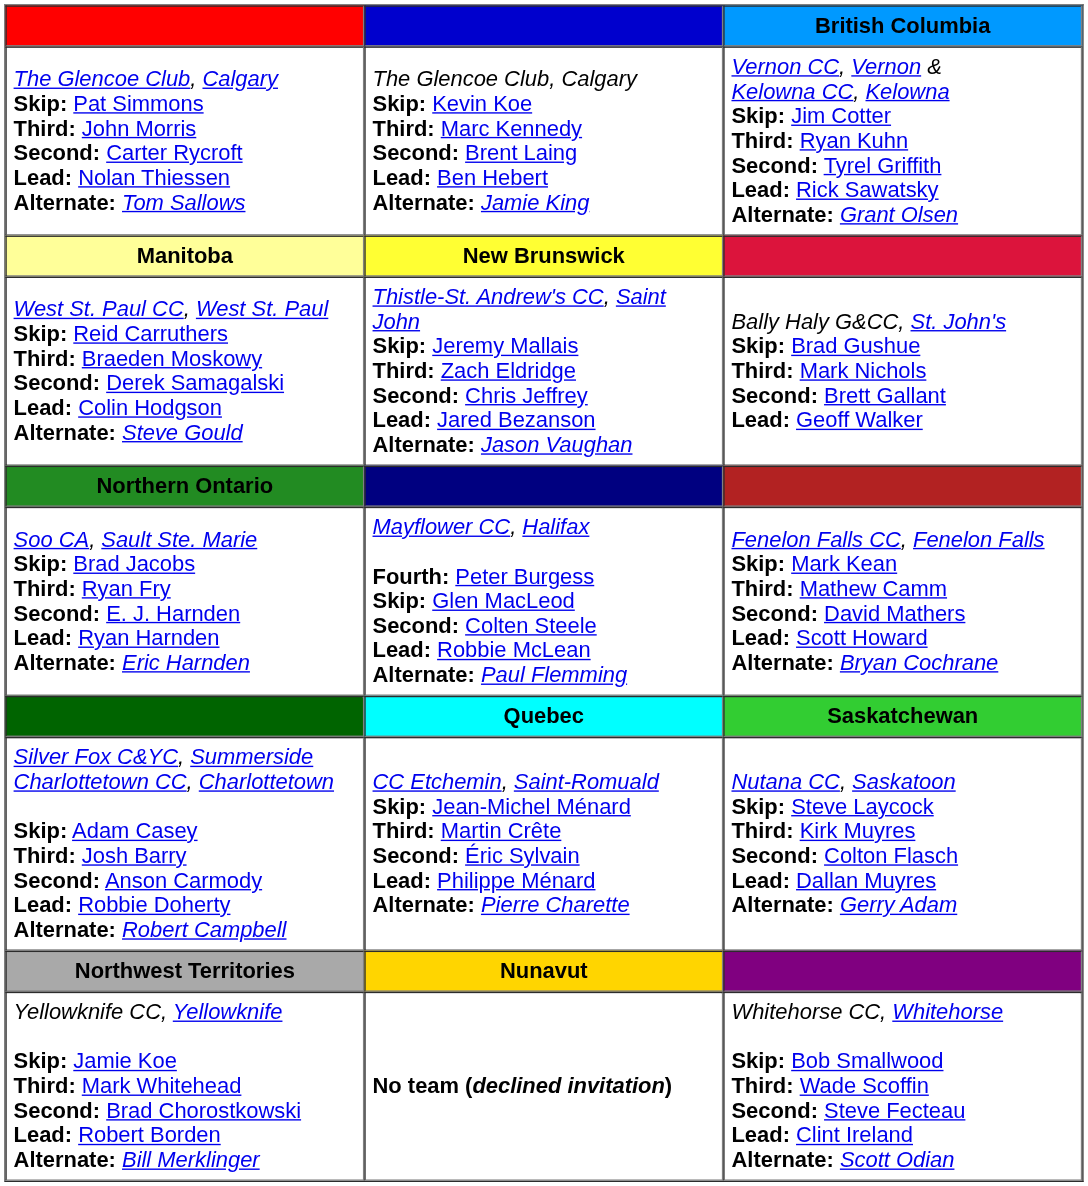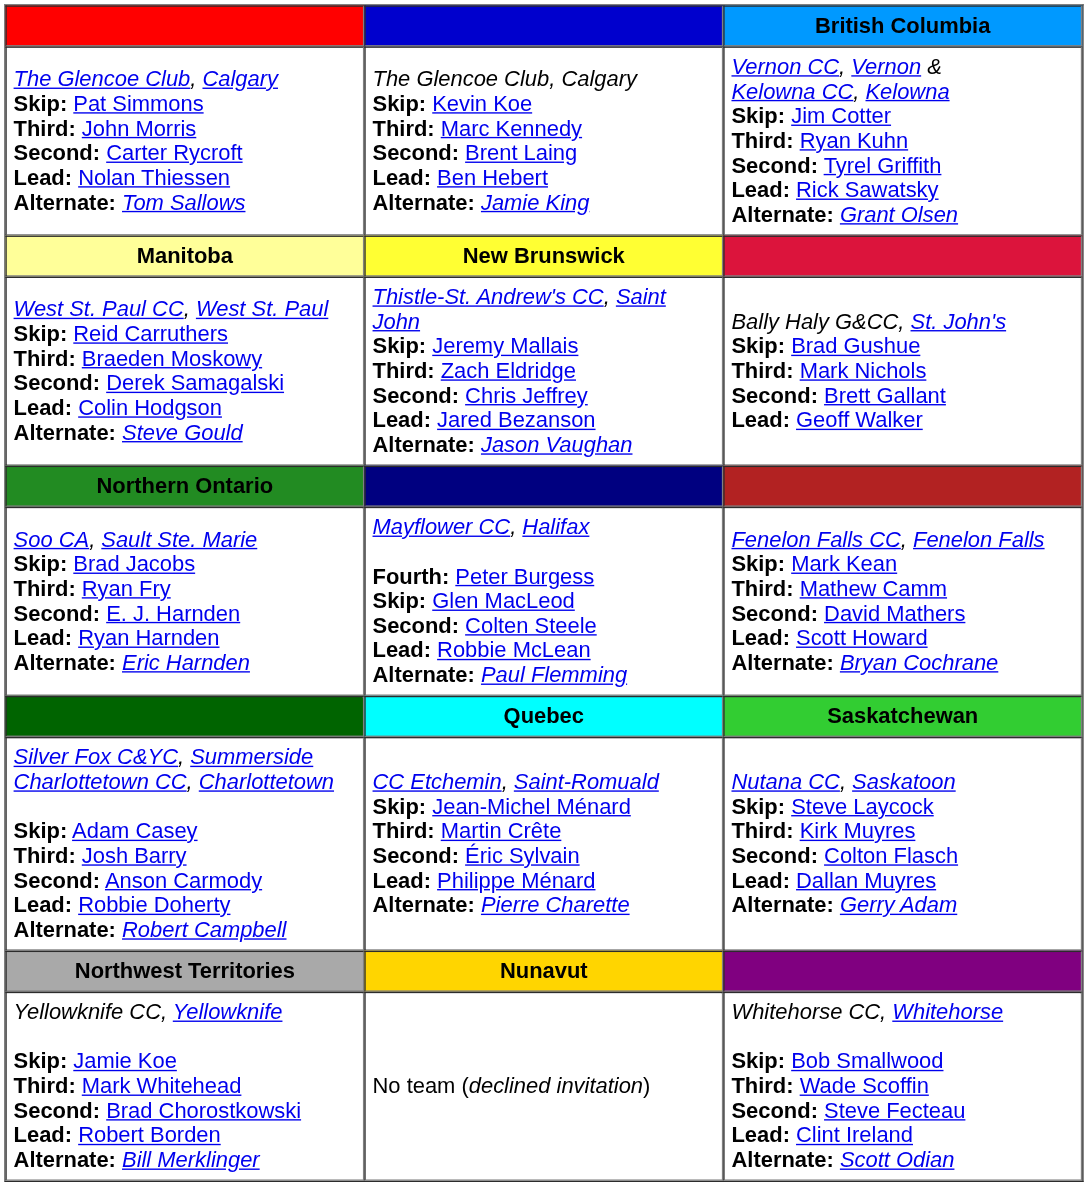 <table border=1 cellpadding=5 cellspacing=0>
 <tr>
 <th bgcolor="#FF0000" width="250"> </th>
 <th bgcolor="#0000CD" width="250"> </th>
 <th bgcolor="#0099FF" width="250"> British Columbia</th>
 </tr>
 <tr>
 <td><em><a href='#'>The Glencoe Club</a>, <a href='#'>Calgary</a> </em><br><strong>Skip:</strong> <a href='#'>Pat Simmons</a><br> <strong>Third:</strong> <a href='#'>John Morris</a><br> <strong>Second:</strong> <a href='#'>Carter Rycroft</a><br> <strong>Lead:</strong> <a href='#'>Nolan Thiessen</a><br> <strong>Alternate:</strong> <em><a href='#'>Tom Sallows</a></em></td>
 <td><em>The Glencoe Club, Calgary</em><br><strong>Skip:</strong> <a href='#'>Kevin Koe</a><br> <strong>Third:</strong> <a href='#'>Marc Kennedy</a><br> <strong>Second:</strong> <a href='#'>Brent Laing</a><br> <strong>Lead:</strong> <a href='#'>Ben Hebert</a><br> <strong>Alternate:</strong> <em><a href='#'>Jamie King</a></em></td>
 <td><em><a href='#'>Vernon CC</a>, <a href='#'>Vernon</a> & <br><a href='#'>Kelowna CC</a>, <a href='#'>Kelowna</a> </em><br><strong>Skip:</strong> <a href='#'>Jim Cotter</a><br> <strong>Third:</strong> <a href='#'>Ryan Kuhn</a><br> <strong>Second:</strong> <a href='#'>Tyrel Griffith</a><br> <strong>Lead:</strong> <a href='#'>Rick Sawatsky</a><br> <strong>Alternate:</strong> <em><a href='#'>Grant Olsen</a></em></td>
 </tr>
 <tr border=1 cellpadding=5 cellspacing=0>
 <th bgcolor="#FFFF99" width="250"> Manitoba</th>
 <th bgcolor="#FFFF33" width="250"> New Brunswick</th>
 <th bgcolor="#DC143C" width="250"> </th>
 </tr>
 <tr>
 <td><em><a href='#'>West St. Paul CC</a>, <a href='#'>West St. Paul</a></em><br><strong>Skip:</strong> <a href='#'>Reid Carruthers</a><br> <strong>Third:</strong> <a href='#'>Braeden Moskowy</a><br> <strong>Second:</strong> <a href='#'>Derek Samagalski</a><br> <strong>Lead:</strong> <a href='#'>Colin Hodgson</a><br> <strong>Alternate:</strong> <em><a href='#'>Steve Gould</a></em></td>
 <td><em><a href='#'>Thistle-St. Andrew's CC</a>, <a href='#'>Saint John</a>  </em><br><strong>Skip:</strong> <a href='#'>Jeremy Mallais</a><br> <strong>Third:</strong> <a href='#'>Zach Eldridge</a><br> <strong>Second:</strong> <a href='#'>Chris Jeffrey</a><br> <strong>Lead:</strong> <a href='#'>Jared Bezanson</a><br> <strong>Alternate:</strong> <em><a href='#'>Jason Vaughan</a></em></td>
 <td><em>Bally Haly G&CC, <a href='#'>St. John's</a></em><br><strong>Skip:</strong> <a href='#'>Brad Gushue</a><br> <strong>Third:</strong> <a href='#'>Mark Nichols</a><br> <strong>Second:</strong> <a href='#'>Brett Gallant</a><br> <strong>Lead:</strong> <a href='#'>Geoff Walker</a></td>
 </tr>
 <tr border=1 cellpadding=5 cellspacing=0>
 <th bgcolor="#228B22" width="250"> Northern Ontario</th>
 <th bgcolor="#000080" width="250"> </th>
 <th bgcolor="#B22222" width="250"> </th>
 </tr>
 <tr>
 <td><em><a href='#'>Soo CA</a>, <a href='#'>Sault Ste. Marie</a></em><br><strong>Skip:</strong> <a href='#'>Brad Jacobs</a><br> <strong>Third:</strong> <a href='#'>Ryan Fry</a><br> <strong>Second:</strong> <a href='#'>E. J. Harnden</a><br> <strong>Lead:</strong> <a href='#'>Ryan Harnden</a><br> <strong>Alternate:</strong> <em><a href='#'>Eric Harnden</a></em></td>
 <td><em><a href='#'>Mayflower CC</a>, <a href='#'>Halifax</a><br> </em><br><strong>Fourth:</strong> <a href='#'>Peter Burgess</a><br> <strong>Skip:</strong> <a href='#'>Glen MacLeod</a><br> <strong>Second:</strong> <a href='#'>Colten Steele</a><br> <strong>Lead:</strong> <a href='#'>Robbie McLean</a><br> <strong>Alternate:</strong> <em><a href='#'>Paul Flemming</a></em></td>
 <td><em><a href='#'>Fenelon Falls CC</a>, <a href='#'>Fenelon Falls</a> </em><br><strong>Skip:</strong> <a href='#'>Mark Kean</a><br> <strong>Third:</strong> <a href='#'>Mathew Camm</a><br> <strong>Second:</strong> <a href='#'>David Mathers</a><br> <strong>Lead:</strong> <a href='#'>Scott Howard</a><br> <strong>Alternate:</strong> <em><a href='#'>Bryan Cochrane</a></em></td>
 </tr>
 <tr border=1 cellpadding=5 cellspacing=0>
 <th bgcolor="#006400" width="250"> </th>
 <th bgcolor="#00FFFF" width="250"> Quebec</th>
 <th bgcolor="#32CD32" width="250"> Saskatchewan</th>
 </tr>
 <tr>
 <td><em><a href='#'>Silver Fox C&YC</a>, <a href='#'>Summerside</a> <br> <a href='#'>Charlottetown CC</a>, <a href='#'>Charlottetown</a></em><br><br><strong>Skip:</strong> <a href='#'>Adam Casey</a><br> <strong>Third:</strong> <a href='#'>Josh Barry</a><br> <strong>Second:</strong> <a href='#'>Anson Carmody</a><br> <strong>Lead:</strong> <a href='#'>Robbie Doherty</a> <br> <strong>Alternate:</strong> <em><a href='#'>Robert Campbell</a></em></td>
 <td><em><a href='#'>CC Etchemin</a>, <a href='#'>Saint-Romuald</a></em><br><strong>Skip:</strong> <a href='#'>Jean-Michel Ménard</a><br> <strong>Third:</strong> <a href='#'>Martin Crête</a><br> <strong>Second:</strong> <a href='#'>Éric Sylvain</a><br> <strong>Lead:</strong> <a href='#'>Philippe Ménard</a><br> <strong>Alternate:</strong> <em><a href='#'>Pierre Charette</a></em></td>
 <td><em><a href='#'>Nutana CC</a>, <a href='#'>Saskatoon</a></em><br><strong>Skip:</strong> <a href='#'>Steve Laycock</a><br> <strong>Third:</strong> <a href='#'>Kirk Muyres</a><br> <strong>Second:</strong> <a href='#'>Colton Flasch</a><br> <strong>Lead:</strong> <a href='#'>Dallan Muyres</a><br> <strong>Alternate:</strong> <em><a href='#'>Gerry Adam</a></em></td>
 </tr>
 <tr border=1 cellpadding=5 cellspacing=0>
 <th bgcolor="#A9A9A9" width="250"> Northwest Territories</th>
 <th bgcolor="#FFDD500" width="250"> Nunavut</th>
 <th bgcolor="#800080" width="250"> </th>
 </tr>
 <tr>
 <td><em>Yellowknife CC, <a href='#'>Yellowknife</a></em><br><br><strong>Skip:</strong> <a href='#'>Jamie Koe</a><br> <strong>Third:</strong> <a href='#'>Mark Whitehead</a><br> <strong>Second:</strong> <a href='#'>Brad Chorostkowski</a><br> <strong>Lead:</strong> <a href='#'>Robert Borden</a><br> <strong>Alternate:</strong> <em><a href='#'>Bill Merklinger</a></em></td>
-<td><strong>No team (<em>declined invitation</em>)</strong></td>
+<td>No team (<em>declined invitation</em>)</td>
 <td><em>Whitehorse CC, <a href='#'>Whitehorse</a></em><br><br><strong>Skip:</strong> <a href='#'>Bob Smallwood</a><br> <strong>Third:</strong> <a href='#'>Wade Scoffin</a><br> <strong>Second:</strong> <a href='#'>Steve Fecteau</a><br> <strong>Lead:</strong> <a href='#'>Clint Ireland</a><br> <strong>Alternate:</strong> <em><a href='#'>Scott Odian</a></em></td>
 </tr>
 </table>
